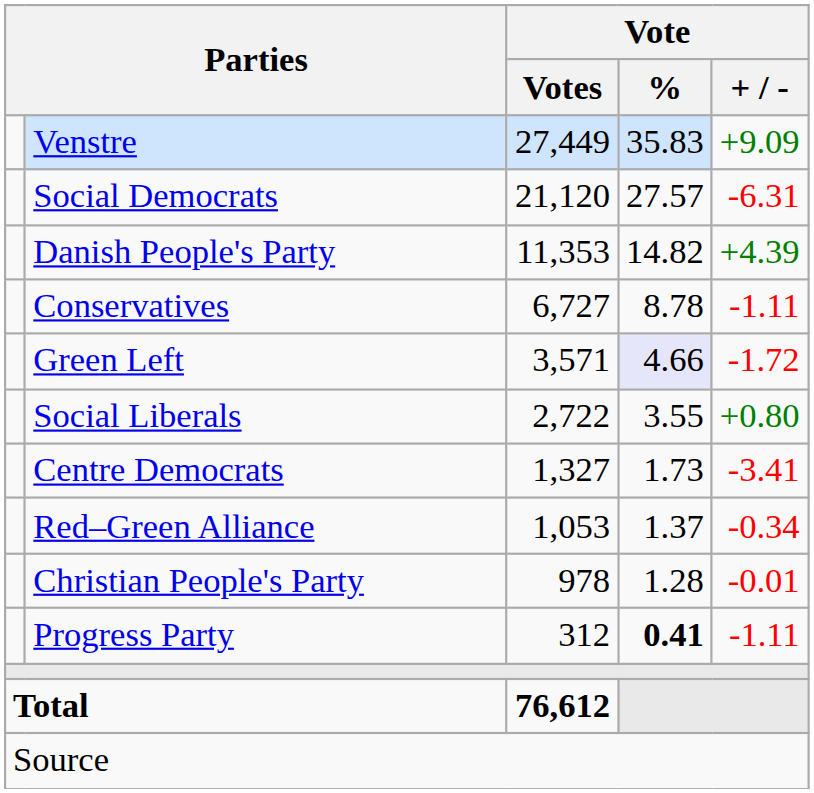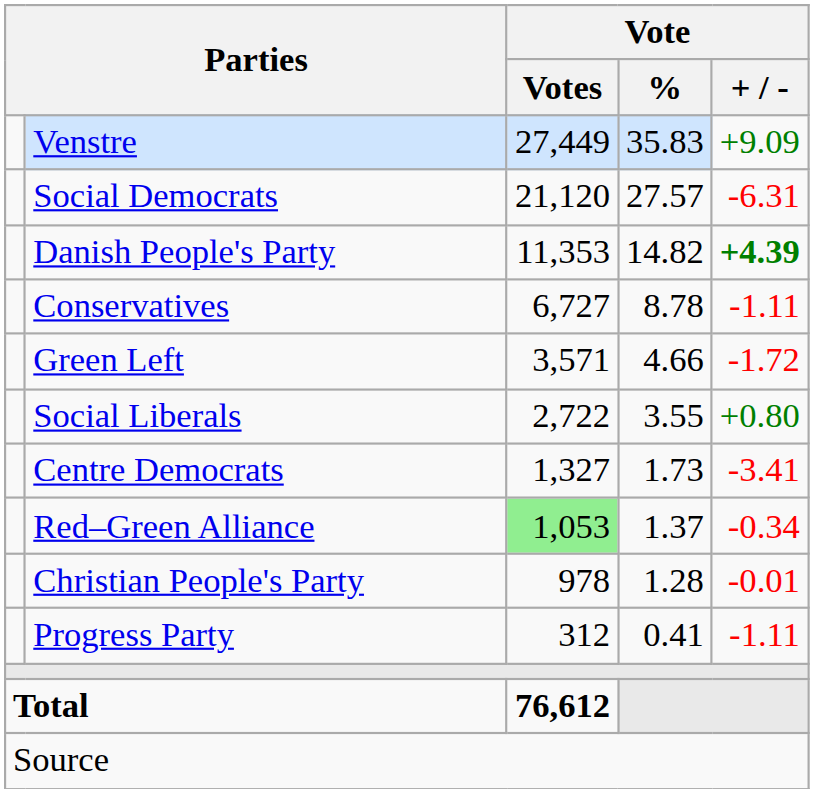 <table class="wikitable" style="text-align:right;">
 <tr>
 <th style="text-align:centre;" rowspan="2" colspan="2" width="225">Parties</th>
 <th colspan="3">Vote</th>
 </tr>
 <tr>
 <th width="15">Votes</th>
 <th width="15">%</th>
 <th width="15">+ / -</th>
 </tr>
 <tr>
 <td width="2" style="color:inherit;background:"></td>
 <td bgcolor=#cfe5fe  align="left"><a href='#'>Venstre</a></td>
 <td bgcolor=#cfe5fe>27,449</td>
 <td bgcolor=#cfe5fe>35.83</td>
 <td style=color:green;>+9.09</td>
 </tr>
 <tr>
 <td width="2" style="color:inherit;background:"></td>
 <td align="left"><a href='#'>Social Democrats</a></td>
 <td>21,120</td>
 <td>27.57</td>
 <td style=color:red;>-6.31</td>
 </tr>
 <tr>
 <td width="2" style="color:inherit;background:"></td>
 <td align="left"><a href='#'>Danish People's Party</a></td>
 <td>11,353</td>
 <td>14.82</td>
-<td style=color:green;>+4.39</td>
+<td style=color:green;><strong>+4.39</strong></td>
 </tr>
 <tr>
 <td width="2" style="color:inherit;background:"></td>
 <td align="left"><a href='#'>Conservatives</a></td>
 <td>6,727</td>
 <td>8.78</td>
 <td style=color:red;>-1.11</td>
 </tr>
 <tr>
 <td width="2" style="color:inherit;background:"></td>
 <td align="left"><a href='#'>Green Left</a></td>
 <td>3,571</td>
-<td style="background: lavender;">4.66</td>
+<td>4.66</td>
 <td style=color:red;>-1.72</td>
 </tr>
 <tr>
 <td width="2" style="color:inherit;background:"></td>
 <td align="left"><a href='#'>Social Liberals</a></td>
 <td>2,722</td>
 <td>3.55</td>
 <td style=color:green;>+0.80</td>
 </tr>
 <tr>
 <td width="2" style="color:inherit;background:"></td>
 <td align="left"><a href='#'>Centre Democrats</a></td>
 <td>1,327</td>
 <td>1.73</td>
 <td style=color:red;>-3.41</td>
 </tr>
 <tr>
 <td width="2" style="color:inherit;background:"></td>
 <td align="left"><a href='#'>Red–Green Alliance</a></td>
-<td>1,053</td>
+<td style="background: lightgreen;">1,053</td>
 <td>1.37</td>
 <td style=color:red;>-0.34</td>
 </tr>
 <tr>
 <td width="2" style="color:inherit;background:"></td>
 <td align="left"><a href='#'>Christian People's Party</a></td>
 <td>978</td>
 <td>1.28</td>
 <td style=color:red;>-0.01</td>
 </tr>
 <tr>
 <td width="2" style="color:inherit;background:"></td>
 <td align="left"><a href='#'>Progress Party</a></td>
 <td>312</td>
-<td><strong>0.41</strong></td>
+<td>0.41</td>
 <td style=color:red;>-1.11</td>
 </tr>
 <tr>
 <td colspan="7" bgcolor="#E9E9E9"></td>
 </tr>
 <tr>
 <td align="left" colspan="2"><strong>Total</strong></td>
 <td><strong>76,612</strong></td>
 <td bgcolor="#E9E9E9" colspan="2"></td>
 </tr>
 <tr>
 <td align="left" colspan="6">Source</td>
 </tr>
 </table>
